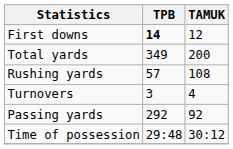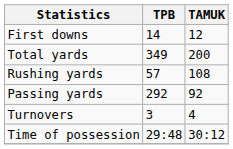 <table class="wikitable" style="float: left;">
 <tr>
 <th>Statistics</th>
 <th>TPB</th>
 <th>TAMUK</th>
 </tr>
 <tr>
 <td>First downs</td>
-<td><strong>14</strong></td>
+<td>14</td>
 <td>12</td>
 </tr>
 <tr>
 <td>Total yards</td>
 <td>349</td>
 <td>200</td>
 </tr>
 <tr>
 <td>Rushing yards</td>
 <td>57</td>
 <td>108</td>
 </tr>
 <tr>
+<td>Passing yards</td>
+<td>292</td>
+<td>92</td>
+</tr>
+<tr>
 <td>Turnovers</td>
 <td>3</td>
 <td>4</td>
-</tr>
-<tr>
-<td>Passing yards</td>
-<td>292</td>
-<td>92</td>
 </tr>
 <tr>
 <td>Time of possession</td>
 <td>29:48</td>
 <td>30:12</td>
 </tr>
 <tr>
 </tr>
 </table>
